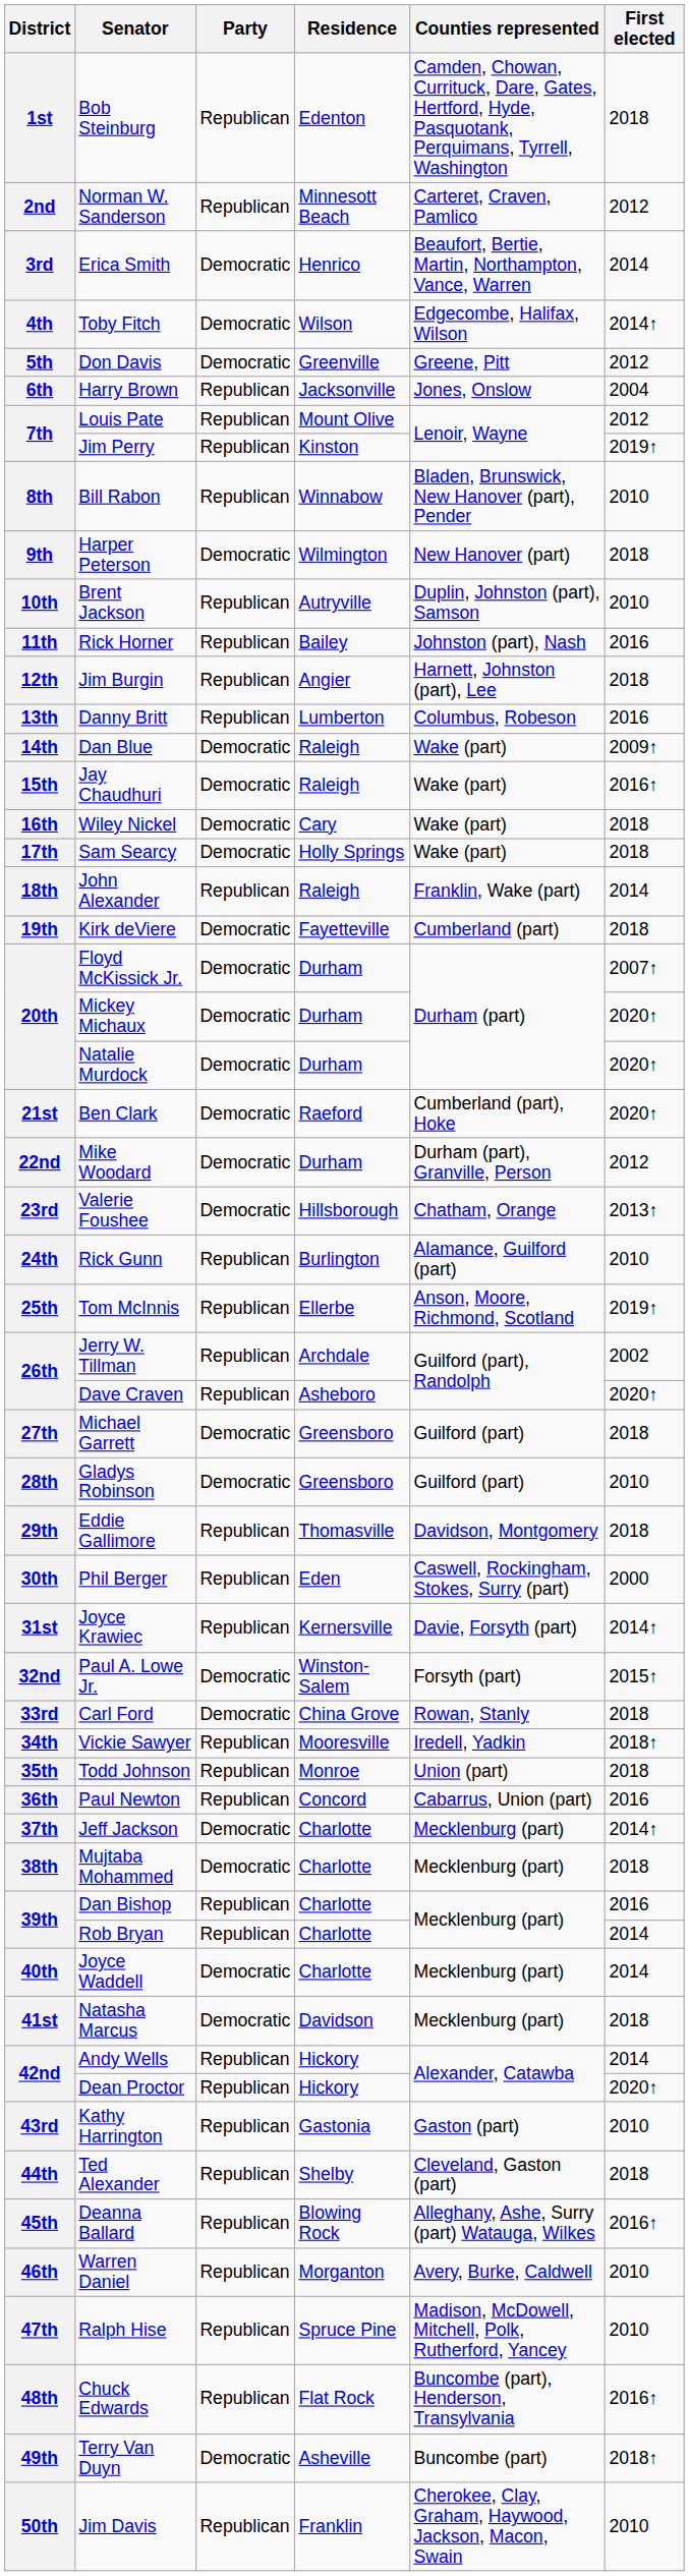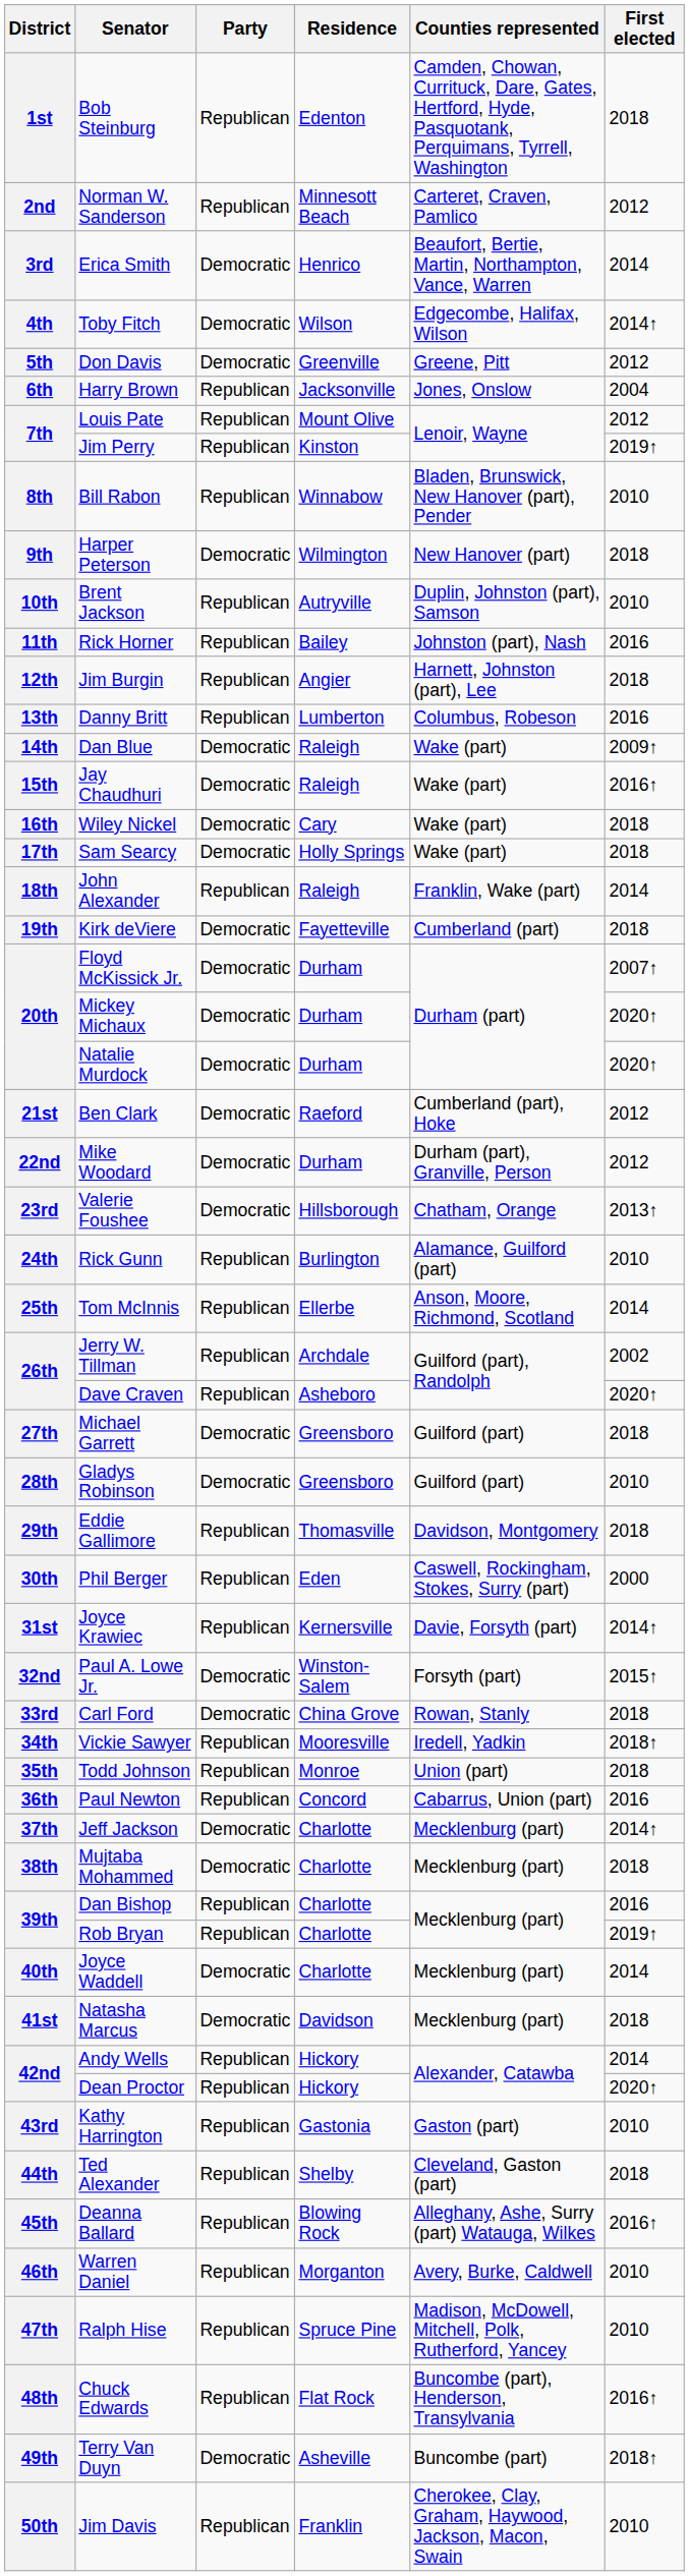 <table class="wikitable sortable">
 <tr>
 <th>District</th>
 <th>Senator</th>
 <th>Party</th>
 <th>Residence</th>
 <th>Counties represented</th>
 <th>First elected</th>
 </tr>
 <tr>
 <th><a href='#'>1st</a></th>
 <td data-sort-value="Steinburg, Bob"><a href='#'>Bob Steinburg</a></td>
 <td>Republican</td>
 <td><a href='#'>Edenton</a></td>
 <td><a href='#'>Camden</a>, <a href='#'>Chowan</a>, <a href='#'>Currituck</a>, <a href='#'>Dare</a>, <a href='#'>Gates</a>, <a href='#'>Hertford</a>, <a href='#'>Hyde</a>,<br><a href='#'>Pasquotank</a>, <a href='#'>Perquimans</a>, <a href='#'>Tyrrell</a>, <a href='#'>Washington</a></td>
 <td>2018</td>
 </tr>
 <tr>
 <th><a href='#'>2nd</a></th>
 <td data-sort-value="Sanderson, Norman W."><a href='#'>Norman W. Sanderson</a></td>
 <td>Republican</td>
 <td><a href='#'>Minnesott Beach</a></td>
 <td><a href='#'>Carteret</a>, <a href='#'>Craven</a>, <a href='#'>Pamlico</a></td>
 <td>2012</td>
 </tr>
 <tr>
 <th><a href='#'>3rd</a></th>
 <td data-sort-value="Smith, Erica D."><a href='#'>Erica Smith</a></td>
 <td>Democratic</td>
 <td><a href='#'>Henrico</a></td>
 <td><a href='#'>Beaufort</a>, <a href='#'>Bertie</a>, <a href='#'>Martin</a>, <a href='#'>Northampton</a>, <a href='#'>Vance</a>, <a href='#'>Warren</a></td>
 <td>2014</td>
 </tr>
 <tr>
 <th><a href='#'>4th</a></th>
 <td data-sort-value="Fitch, Toby"><a href='#'>Toby Fitch</a></td>
 <td>Democratic</td>
 <td><a href='#'>Wilson</a></td>
 <td><a href='#'>Edgecombe</a>, <a href='#'>Halifax</a>, <a href='#'>Wilson</a></td>
 <td>2014↑</td>
 </tr>
 <tr>
 <th><a href='#'>5th</a></th>
 <td data-sort-value="Davis, Don"><a href='#'>Don Davis</a></td>
 <td>Democratic</td>
 <td><a href='#'>Greenville</a></td>
 <td><a href='#'>Greene</a>, <a href='#'>Pitt</a></td>
 <td>2012</td>
 </tr>
 <tr>
 <th><a href='#'>6th</a></th>
 <td data-sort-value="Brown, Harry"><a href='#'>Harry Brown</a></td>
 <td>Republican</td>
 <td><a href='#'>Jacksonville</a></td>
 <td><a href='#'>Jones</a>, <a href='#'>Onslow</a></td>
 <td>2004</td>
 </tr>
 <tr>
 <th rowspan=2><a href='#'>7th</a></th>
 <td data-sort-value="Pate, Louis M. Jr"><a href='#'>Louis Pate</a></td>
 <td>Republican</td>
 <td><a href='#'>Mount Olive</a></td>
 <td rowspan=2><a href='#'>Lenoir</a>, <a href='#'>Wayne</a></td>
 <td>2012</td>
 </tr>
 <tr>
 <td data-sort-value="Perry, Jim"><a href='#'>Jim Perry</a></td>
 <td>Republican</td>
 <td><a href='#'>Kinston</a></td>
 <td>2019↑</td>
 </tr>
 <tr>
 <th><a href='#'>8th</a></th>
 <td data-sort-value="Rabon, Bill"><a href='#'>Bill Rabon</a></td>
 <td>Republican</td>
 <td><a href='#'>Winnabow</a></td>
 <td><a href='#'>Bladen</a>, <a href='#'>Brunswick</a>, <a href='#'>New Hanover</a> (part), <a href='#'>Pender</a></td>
 <td>2010</td>
 </tr>
 <tr>
 <th><a href='#'>9th</a></th>
 <td data-sort-value="Peterson, Harper"><a href='#'>Harper Peterson</a></td>
 <td>Democratic</td>
 <td><a href='#'>Wilmington</a></td>
 <td><a href='#'>New Hanover</a> (part)</td>
 <td>2018</td>
 </tr>
 <tr>
 <th><a href='#'>10th</a></th>
 <td data-sort-value="Jackson, Brent"><a href='#'>Brent Jackson</a></td>
 <td>Republican</td>
 <td><a href='#'>Autryville</a></td>
 <td><a href='#'>Duplin</a>, <a href='#'>Johnston</a> (part), <a href='#'>Samson</a></td>
 <td>2010</td>
 </tr>
 <tr>
 <th><a href='#'>11th</a></th>
 <td data-sort-value="Horner, Rick"><a href='#'>Rick Horner</a></td>
 <td>Republican</td>
 <td><a href='#'>Bailey</a></td>
 <td><a href='#'>Johnston</a> (part), <a href='#'>Nash</a></td>
 <td>2016</td>
 </tr>
 <tr>
 <th><a href='#'>12th</a></th>
 <td data-sort-value="Burgin, Jim"><a href='#'>Jim Burgin</a></td>
 <td>Republican</td>
 <td><a href='#'>Angier</a></td>
 <td><a href='#'>Harnett</a>, <a href='#'>Johnston</a> (part), <a href='#'>Lee</a></td>
 <td>2018</td>
 </tr>
 <tr>
 <th><a href='#'>13th</a></th>
 <td data-sort-value="Britt, Danny"><a href='#'>Danny Britt</a></td>
 <td>Republican</td>
 <td><a href='#'>Lumberton</a></td>
 <td><a href='#'>Columbus</a>, <a href='#'>Robeson</a></td>
 <td>2016</td>
 </tr>
 <tr>
 <th><a href='#'>14th</a></th>
 <td data-sort-value="Blue, Dan"><a href='#'>Dan Blue</a></td>
 <td>Democratic</td>
 <td><a href='#'>Raleigh</a></td>
 <td><a href='#'>Wake</a> (part)</td>
 <td>2009↑</td>
 </tr>
 <tr>
 <th><a href='#'>15th</a></th>
 <td data-sort-value="Chaudhuri, Jay"><a href='#'>Jay Chaudhuri</a></td>
 <td>Democratic</td>
 <td><a href='#'>Raleigh</a></td>
 <td>Wake (part)</td>
 <td>2016↑</td>
 </tr>
 <tr>
 <th><a href='#'>16th</a></th>
 <td data-sort-value="Nickel, Wiley"><a href='#'>Wiley Nickel</a></td>
 <td>Democratic</td>
 <td><a href='#'>Cary</a></td>
 <td>Wake (part)</td>
 <td>2018</td>
 </tr>
 <tr>
 <th><a href='#'>17th</a></th>
 <td data-sort-value="Searcy, Sam"><a href='#'>Sam Searcy</a></td>
 <td>Democratic</td>
 <td><a href='#'>Holly Springs</a></td>
 <td>Wake (part)</td>
 <td>2018</td>
 </tr>
 <tr>
 <th><a href='#'>18th</a></th>
 <td data-sort-value="Alexander, John"><a href='#'>John Alexander</a></td>
 <td>Republican</td>
 <td><a href='#'>Raleigh</a></td>
 <td><a href='#'>Franklin</a>, Wake (part)</td>
 <td>2014</td>
 </tr>
 <tr>
 <th><a href='#'>19th</a></th>
 <td data-sort-value="deViere, Kirk"><a href='#'>Kirk deViere</a></td>
 <td>Democratic</td>
 <td><a href='#'>Fayetteville</a></td>
 <td><a href='#'>Cumberland</a> (part)</td>
 <td>2018</td>
 </tr>
 <tr>
 <th rowspan=3><a href='#'>20th</a></th>
 <td data-sort-value="McKissick, Floyd Jr."><a href='#'>Floyd McKissick Jr.</a></td>
 <td>Democratic</td>
 <td><a href='#'>Durham</a></td>
 <td rowspan=3><a href='#'>Durham</a> (part)</td>
 <td>2007↑</td>
 </tr>
 <tr>
 <td data-sort-value="Michaux, Henry McKinley Jr."><a href='#'>Mickey Michaux</a></td>
 <td>Democratic</td>
 <td><a href='#'>Durham</a></td>
 <td>2020↑</td>
 </tr>
 <tr>
 <td data-sort-value="Murdock, Natalie"><a href='#'>Natalie Murdock</a></td>
 <td>Democratic</td>
 <td><a href='#'>Durham</a></td>
 <td>2020↑</td>
 </tr>
 <tr>
 <th><a href='#'>21st</a></th>
 <td data-sort-value="Clark, Ben"><a href='#'>Ben Clark</a></td>
 <td>Democratic</td>
 <td><a href='#'>Raeford</a></td>
 <td>Cumberland (part), <a href='#'>Hoke</a></td>
-<td>2020↑</td>
+<td>2012</td>
 </tr>
 <tr>
 <th><a href='#'>22nd</a></th>
 <td data-sort-value="Woodard, Mike"><a href='#'>Mike Woodard</a></td>
 <td>Democratic</td>
 <td><a href='#'>Durham</a></td>
 <td>Durham (part), <a href='#'>Granville</a>, <a href='#'>Person</a></td>
 <td>2012</td>
 </tr>
 <tr>
 <th><a href='#'>23rd</a></th>
 <td data-sort-value="Foushee, Valerie"><a href='#'>Valerie Foushee</a></td>
 <td>Democratic</td>
 <td><a href='#'>Hillsborough</a></td>
 <td><a href='#'>Chatham</a>, <a href='#'>Orange</a></td>
 <td>2013↑</td>
 </tr>
 <tr>
 <th><a href='#'>24th</a></th>
 <td data-sort-value="Gunn, Rick"><a href='#'>Rick Gunn</a></td>
 <td>Republican</td>
 <td><a href='#'>Burlington</a></td>
 <td><a href='#'>Alamance</a>, <a href='#'>Guilford</a> (part)</td>
 <td>2010</td>
 </tr>
 <tr>
 <th><a href='#'>25th</a></th>
 <td data-sort-value="McInnis, Tom"><a href='#'>Tom McInnis</a></td>
 <td>Republican</td>
 <td><a href='#'>Ellerbe</a></td>
 <td><a href='#'>Anson</a>, <a href='#'>Moore</a>, <a href='#'>Richmond</a>, <a href='#'>Scotland</a></td>
-<td>2019↑</td>
+<td>2014</td>
 </tr>
 <tr>
 <th rowspan=2><a href='#'>26th</a></th>
 <td data-sort-value="Tillman, Jerry W."><a href='#'>Jerry W. Tillman</a></td>
 <td>Republican</td>
 <td><a href='#'>Archdale</a></td>
 <td rowspan=2>Guilford (part), <a href='#'>Randolph</a></td>
 <td>2002</td>
 </tr>
 <tr>
 <td data-sort-value="Craven, Dave"><a href='#'>Dave Craven</a></td>
 <td>Republican</td>
 <td><a href='#'>Asheboro</a></td>
 <td>2020↑</td>
 </tr>
 <tr>
 <th><a href='#'>27th</a></th>
 <td data-sort-value="Garrett, Michael"><a href='#'>Michael Garrett</a></td>
 <td>Democratic</td>
 <td><a href='#'>Greensboro</a></td>
 <td>Guilford (part)</td>
 <td>2018</td>
 </tr>
 <tr>
 <th><a href='#'>28th</a></th>
 <td data-sort-value="Robinson, Gladys A."><a href='#'>Gladys Robinson</a></td>
 <td>Democratic</td>
 <td><a href='#'>Greensboro</a></td>
 <td>Guilford (part)</td>
 <td>2010</td>
 </tr>
 <tr>
 <th><a href='#'>29th</a></th>
 <td data-sort-value="Gallimore, Eddie"><a href='#'>Eddie Gallimore</a></td>
 <td>Republican</td>
 <td><a href='#'>Thomasville</a></td>
 <td><a href='#'>Davidson</a>, <a href='#'>Montgomery</a></td>
 <td>2018</td>
 </tr>
 <tr>
 <th><a href='#'>30th</a></th>
 <td data-sort-value="Berger, Phil"><a href='#'>Phil Berger</a></td>
 <td>Republican</td>
 <td><a href='#'>Eden</a></td>
 <td><a href='#'>Caswell</a>, <a href='#'>Rockingham</a>, <a href='#'>Stokes</a>, <a href='#'>Surry</a> (part)</td>
 <td>2000</td>
 </tr>
 <tr>
 <th><a href='#'>31st</a></th>
 <td data-sort-value="Krawiec, Joyce"><a href='#'>Joyce Krawiec</a></td>
 <td>Republican</td>
 <td><a href='#'>Kernersville</a></td>
 <td><a href='#'>Davie</a>, <a href='#'>Forsyth</a> (part)</td>
 <td>2014↑</td>
 </tr>
 <tr>
 <th><a href='#'>32nd</a></th>
 <td data-sort-value="Lowe, Paul A., Jr."><a href='#'>Paul A. Lowe Jr.</a></td>
 <td>Democratic</td>
 <td><a href='#'>Winston-Salem</a></td>
 <td>Forsyth (part)</td>
 <td>2015↑</td>
 </tr>
 <tr>
 <th><a href='#'>33rd</a></th>
 <td data-sort-value="Ford, Carl"><a href='#'>Carl Ford</a></td>
 <td>Democratic</td>
 <td><a href='#'>China Grove</a></td>
 <td><a href='#'>Rowan</a>, <a href='#'>Stanly</a></td>
 <td>2018</td>
 </tr>
 <tr>
 <th><a href='#'>34th</a></th>
 <td data-sort-value="Sawyer, Vickie"><a href='#'>Vickie Sawyer</a></td>
 <td>Republican</td>
 <td><a href='#'>Mooresville</a></td>
 <td><a href='#'>Iredell</a>, <a href='#'>Yadkin</a></td>
 <td>2018↑</td>
 </tr>
 <tr>
 <th><a href='#'>35th</a></th>
 <td data-sort-value="Johnson, Todd"><a href='#'>Todd Johnson</a></td>
 <td>Republican</td>
 <td><a href='#'>Monroe</a></td>
 <td><a href='#'>Union</a> (part)</td>
 <td>2018</td>
 </tr>
 <tr>
 <th><a href='#'>36th</a></th>
 <td data-sort-value="Newton, Paul"><a href='#'>Paul Newton</a></td>
 <td>Republican</td>
 <td><a href='#'>Concord</a></td>
 <td><a href='#'>Cabarrus</a>, Union (part)</td>
 <td>2016</td>
 </tr>
 <tr>
 <th><a href='#'>37th</a></th>
 <td data-sort-value="Jackson, Jeff"><a href='#'>Jeff Jackson</a></td>
 <td>Democratic</td>
 <td><a href='#'>Charlotte</a></td>
 <td><a href='#'>Mecklenburg</a> (part)</td>
 <td>2014↑</td>
 </tr>
 <tr>
 <th><a href='#'>38th</a></th>
 <td data-sort-value="Mohammed, Mujtaba"><a href='#'>Mujtaba Mohammed</a></td>
 <td>Democratic</td>
 <td><a href='#'>Charlotte</a></td>
 <td>Mecklenburg (part)</td>
 <td>2018</td>
 </tr>
 <tr>
 <th rowspan=2><a href='#'>39th</a></th>
 <td data-sort-value="Bishop, Dan"><a href='#'>Dan Bishop</a></td>
 <td>Republican</td>
 <td><a href='#'>Charlotte</a></td>
 <td rowspan=2>Mecklenburg (part)</td>
 <td>2016</td>
 </tr>
 <tr>
 <td data-sort-value="Bryan, Rob"><a href='#'>Rob Bryan</a></td>
 <td>Republican</td>
 <td><a href='#'>Charlotte</a></td>
-<td>2014</td>
+<td>2019↑</td>
 </tr>
 <tr>
 <th><a href='#'>40th</a></th>
 <td data-sort-value="Waddell, Joyce"><a href='#'>Joyce Waddell</a></td>
 <td>Democratic</td>
 <td><a href='#'>Charlotte</a></td>
 <td>Mecklenburg (part)</td>
 <td>2014</td>
 </tr>
 <tr>
 <th><a href='#'>41st</a></th>
 <td data-sort-value="Marcus, Natasha"><a href='#'>Natasha Marcus</a></td>
 <td>Democratic</td>
 <td><a href='#'>Davidson</a></td>
 <td>Mecklenburg (part)</td>
 <td>2018</td>
 </tr>
 <tr>
 <th rowspan=2><a href='#'>42nd</a></th>
 <td data-sort-value="Wells, Andy"><a href='#'>Andy Wells</a></td>
 <td>Republican</td>
 <td><a href='#'>Hickory</a></td>
 <td rowspan=2><a href='#'>Alexander</a>, <a href='#'>Catawba</a></td>
 <td>2014</td>
 </tr>
 <tr>
 <td data-sort-value="Proctor, Dean"><a href='#'>Dean Proctor</a></td>
 <td>Republican</td>
 <td><a href='#'>Hickory</a></td>
 <td>2020↑</td>
 </tr>
 <tr>
 <th><a href='#'>43rd</a></th>
 <td data-sort-value="Harrington, Kathy"><a href='#'>Kathy Harrington</a></td>
 <td>Republican</td>
 <td><a href='#'>Gastonia</a></td>
 <td><a href='#'>Gaston</a> (part)</td>
 <td>2010</td>
 </tr>
 <tr>
 <th><a href='#'>44th</a></th>
 <td data-sort-value="Alexander, Ted"><a href='#'>Ted Alexander</a></td>
 <td>Republican</td>
 <td><a href='#'>Shelby</a></td>
 <td><a href='#'>Cleveland</a>, Gaston (part)</td>
 <td>2018</td>
 </tr>
 <tr>
 <th><a href='#'>45th</a></th>
 <td data-sort-value="Ballard, Deanna"><a href='#'>Deanna Ballard</a></td>
 <td>Republican</td>
 <td><a href='#'>Blowing Rock</a></td>
 <td><a href='#'>Alleghany</a>, <a href='#'>Ashe</a>, Surry (part) <a href='#'>Watauga</a>, <a href='#'>Wilkes</a></td>
 <td>2016↑</td>
 </tr>
 <tr>
 <th><a href='#'>46th</a></th>
 <td data-sort-value="Daniel, Warren"><a href='#'>Warren Daniel</a></td>
 <td>Republican</td>
 <td><a href='#'>Morganton</a></td>
 <td><a href='#'>Avery</a>, <a href='#'>Burke</a>, <a href='#'>Caldwell</a></td>
 <td>2010</td>
 </tr>
 <tr>
 <th><a href='#'>47th</a></th>
 <td data-sort-value="Hise, Ralph"><a href='#'>Ralph Hise</a></td>
 <td>Republican</td>
 <td><a href='#'>Spruce Pine</a></td>
 <td><a href='#'>Madison</a>, <a href='#'>McDowell</a>, <a href='#'>Mitchell</a>, <a href='#'>Polk</a>, <a href='#'>Rutherford</a>, <a href='#'>Yancey</a></td>
 <td>2010</td>
 </tr>
 <tr>
 <th><a href='#'>48th</a></th>
 <td data-sort-value="Edwards, Chuck"><a href='#'>Chuck Edwards</a></td>
 <td>Republican</td>
 <td><a href='#'>Flat Rock</a></td>
 <td><a href='#'>Buncombe</a> (part), <a href='#'>Henderson</a>, <a href='#'>Transylvania</a></td>
 <td>2016↑</td>
 </tr>
 <tr>
 <th><a href='#'>49th</a></th>
 <td data-sort-value="Van Duyn, Terry"><a href='#'>Terry Van Duyn</a></td>
 <td>Democratic</td>
 <td><a href='#'>Asheville</a></td>
 <td>Buncombe (part)</td>
 <td>2018↑</td>
 </tr>
 <tr>
 <th><a href='#'>50th</a></th>
 <td data-sort-value="Davis, Jim"><a href='#'>Jim Davis</a></td>
 <td>Republican</td>
 <td><a href='#'>Franklin</a></td>
 <td><a href='#'>Cherokee</a>, <a href='#'>Clay</a>, <a href='#'>Graham</a>, <a href='#'>Haywood</a>, <a href='#'>Jackson</a>, <a href='#'>Macon</a>, <a href='#'>Swain</a></td>
 <td>2010</td>
 </tr>
 </table>
